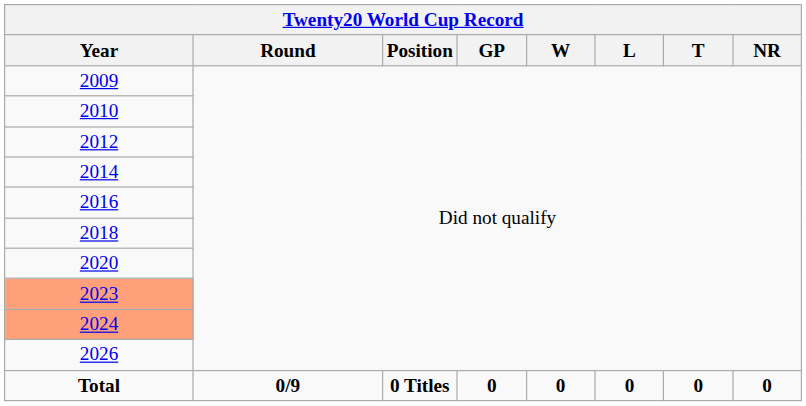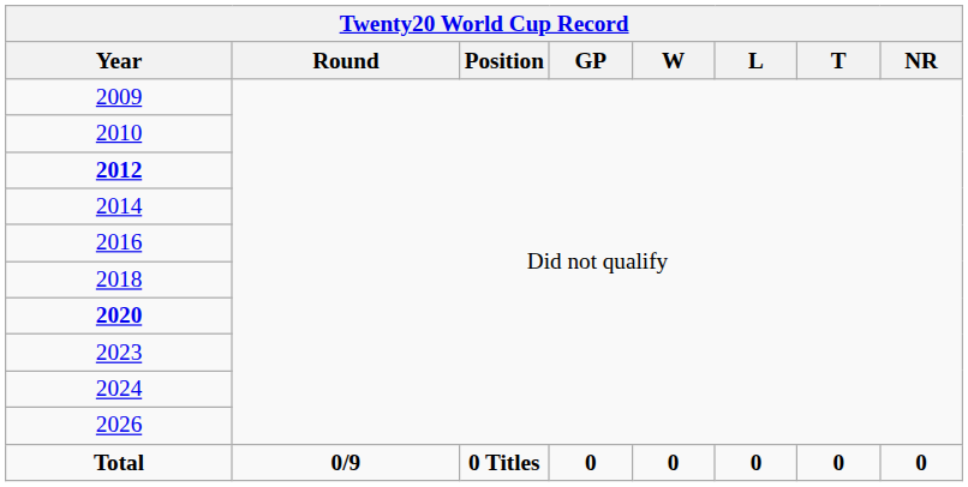 <table class="wikitable" style="text-align: center; width=900px;">
 <tr>
 <th colspan="8"><a href='#'>Twenty20 World Cup Record</a></th>
 </tr>
 <tr>
 <th width=150>Year</th>
 <th width=150>Round</th>
 <th width=50>Position</th>
 <th width=50>GP</th>
 <th width=50>W</th>
 <th width=50>L</th>
 <th width=50>T</th>
 <th width=50>NR</th>
 </tr>
 <tr>
 <td> <a href='#'>2009</a></td>
 <td colspan=7  rowspan=10>Did not qualify</td>
 </tr>
 <tr>
 <td> <a href='#'>2010</a></td>
 </tr>
 <tr>
-<td> <a href='#'>2012</a></td>
+<td><strong> <a href='#'>2012</a></strong></td>
 </tr>
 <tr>
 <td> <a href='#'>2014</a></td>
 </tr>
 <tr>
 <td> <a href='#'>2016</a></td>
 </tr>
 <tr>
 <td> <a href='#'>2018</a></td>
 </tr>
 <tr>
-<td> <a href='#'>2020</a></td>
+<td><strong> <a href='#'>2020</a></strong></td>
 </tr>
 <tr>
-<td style="background: lightsalmon;"> <a href='#'>2023</a></td>
+<td> <a href='#'>2023</a></td>
 </tr>
 <tr>
-<td style="background: lightsalmon;"> <a href='#'>2024</a></td>
+<td> <a href='#'>2024</a></td>
 </tr>
 <tr>
 <td> <a href='#'>2026</a></td>
 </tr>
 <tr>
 <td><strong>Total</strong></td>
 <td><strong>0/9</strong></td>
 <td><strong>0 Titles</strong></td>
 <td><strong>0</strong></td>
 <td><strong>0</strong></td>
 <td><strong>0</strong></td>
 <td><strong>0</strong></td>
 <td><strong>0</strong></td>
 </tr>
 </table>
